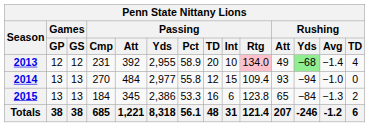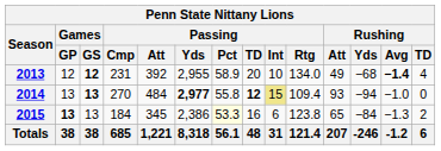 <table class=wikitable style="text-align:center;">
 <tr>
 <th colspan="14">Penn State Nittany Lions</th>
 </tr>
 <tr>
 <th rowspan="2">Season</th>
 <th colspan="2">Games</th>
 <th colspan="7">Passing</th>
 <th colspan="4">Rushing</th>
 </tr>
 <tr>
 <th>GP</th>
 <th>GS</th>
 <th>Cmp</th>
 <th>Att</th>
 <th>Yds</th>
 <th>Pct</th>
 <th>TD</th>
 <th>Int</th>
 <th>Rtg</th>
 <th>Att</th>
 <th>Yds</th>
 <th>Avg</th>
 <th>TD</th>
 </tr>
 <tr>
 <th><a href='#'>2013</a></th>
 <td>12</td>
-<td>12</td>
+<td><strong>12</strong></td>
 <td>231</td>
 <td>392</td>
 <td>2,955</td>
 <td>58.9</td>
 <td>20</td>
 <td>10</td>
-<td style="background: pink;">134.0</td>
+<td>134.0</td>
 <td>49</td>
-<td style="background: lightgreen;">−68</td>
-<td>−1.4</td>
+<td>−68</td>
+<td><strong>−1.4</strong></td>
 <td>4</td>
 </tr>
 <tr>
 <th><a href='#'>2014</a></th>
 <td>13</td>
-<td>13</td>
+<td><strong>13</strong></td>
 <td>270</td>
 <td>484</td>
-<td>2,977</td>
+<td><strong>2,977</strong></td>
 <td>55.8</td>
-<td>12</td>
-<td>15</td>
+<td><strong>12</strong></td>
+<td style="background: khaki;">15</td>
 <td>109.4</td>
 <td>93</td>
 <td>−94</td>
 <td>−1.0</td>
 <td>0</td>
 </tr>
 <tr>
 <th><a href='#'>2015</a></th>
-<td>13</td>
+<td><strong>13</strong></td>
 <td>13</td>
 <td>184</td>
 <td>345</td>
 <td>2,386</td>
-<td>53.3</td>
+<td style="background: lightyellow;">53.3</td>
 <td>16</td>
 <td>6</td>
 <td>123.8</td>
 <td>65</td>
 <td>−84</td>
 <td>−1.3</td>
 <td>2</td>
 </tr>
 <tr>
 <th>Totals</th>
 <th>38</th>
 <th>38</th>
 <th>685</th>
 <th>1,221</th>
 <th>8,318</th>
 <th>56.1</th>
 <th>48</th>
 <th>31</th>
 <th>121.4</th>
 <th>207</th>
 <th>-246</th>
 <th>-1.2</th>
 <th>6</th>
 </tr>
 </table>
